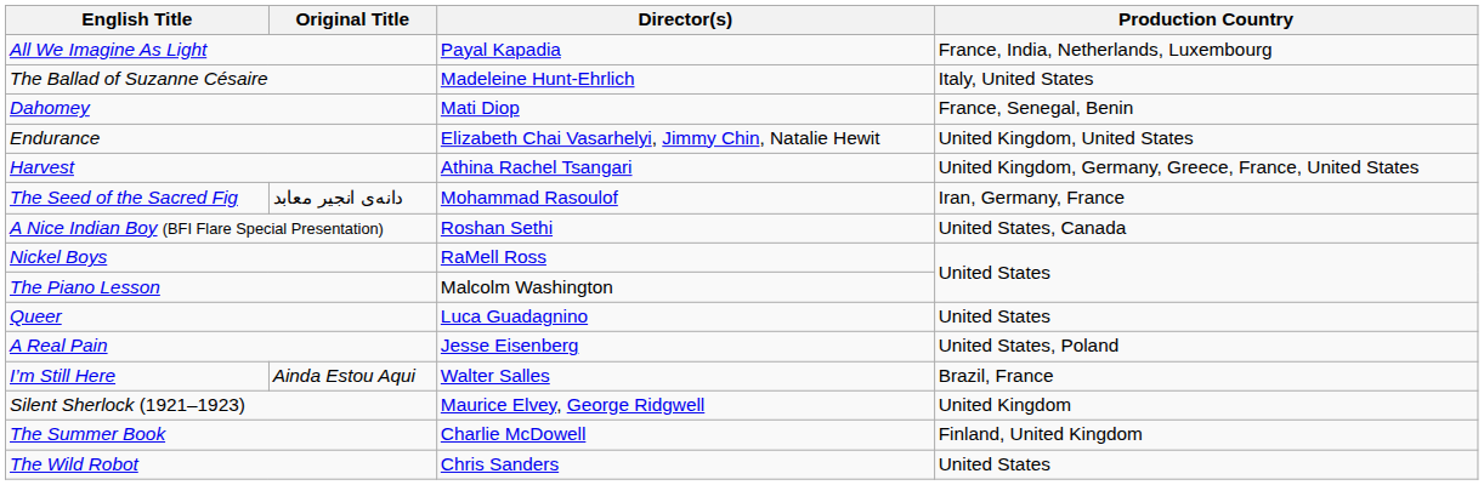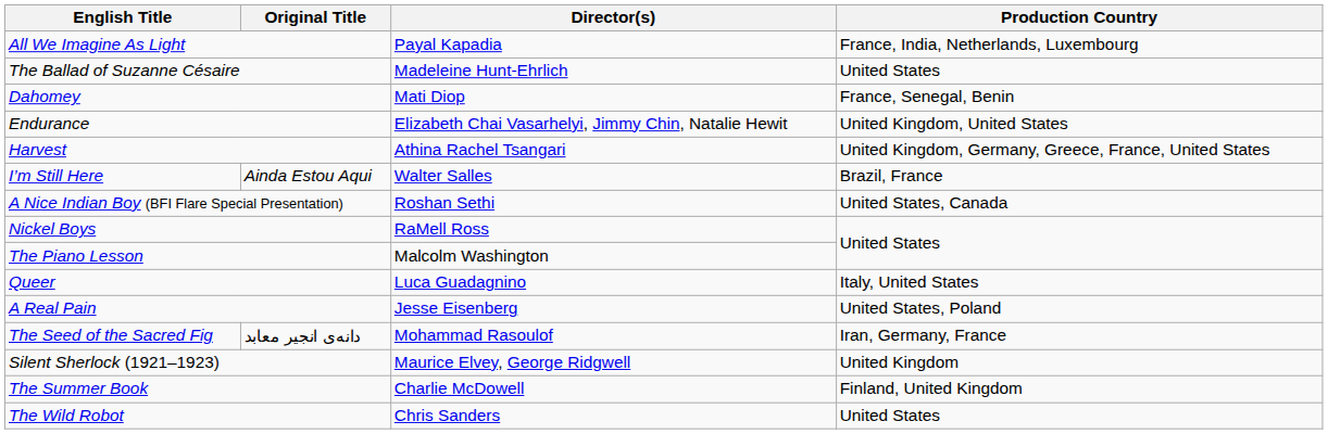 <table class="wikitable" style="width:100%; margin-bottom:4px">
 <tr>
 <th>English Title</th>
 <th>Original Title</th>
 <th>Director(s)</th>
 <th>Production Country</th>
 </tr>
 <tr>
 <td colspan="2"><em><a href='#'>All We Imagine As Light</a></em></td>
 <td><a href='#'>Payal Kapadia</a></td>
 <td>France, India, Netherlands, Luxembourg</td>
 </tr>
 <tr>
 <td colspan="2"><em>The Ballad of Suzanne Césaire</em></td>
 <td><a href='#'>Madeleine Hunt-Ehrlich</a></td>
-<td>Italy, United States</td>
+<td>United States</td>
 </tr>
 <tr>
 <td colspan="2"><em><a href='#'>Dahomey</a></em></td>
 <td><a href='#'>Mati Diop</a></td>
 <td>France, Senegal, Benin</td>
 </tr>
 <tr>
 <td colspan="2"><em>Endurance</em></td>
 <td><a href='#'>Elizabeth Chai Vasarhelyi</a>, <a href='#'>Jimmy Chin</a>, Natalie Hewit</td>
 <td>United Kingdom, United States</td>
 </tr>
 <tr>
 <td colspan="2"><em><a href='#'>Harvest</a></em></td>
 <td><a href='#'>Athina Rachel Tsangari</a></td>
 <td>United Kingdom, Germany, Greece, France, United States</td>
 </tr>
 <tr>
-<td><em><a href='#'>The Seed of the Sacred Fig</a></em></td>
-<td>دانه‌ی انجیر معابد</td>
-<td><a href='#'>Mohammad Rasoulof</a></td>
-<td>Iran, Germany, France</td>
+<td><em><a href='#'>I’m Still Here</a></em></td>
+<td><em>Ainda Estou Aqui</em></td>
+<td><a href='#'>Walter Salles</a></td>
+<td>Brazil, France</td>
 </tr>
 <tr>
 <td colspan="2"><em><a href='#'>A Nice Indian Boy</a></em> <small>(BFI Flare Special Presentation)</small></td>
 <td><a href='#'>Roshan Sethi</a></td>
 <td>United States, Canada</td>
 </tr>
 <tr>
 <td colspan="2"><em><a href='#'>Nickel Boys</a></em></td>
 <td><a href='#'>RaMell Ross</a></td>
 <td rowspan="2">United States</td>
 </tr>
 <tr>
 <td colspan="2"><em><a href='#'>The Piano Lesson</a></em></td>
 <td>Malcolm Washington</td>
 </tr>
 <tr>
 <td colspan="2"><em><a href='#'>Queer</a></em></td>
 <td><a href='#'>Luca Guadagnino</a></td>
-<td>United States</td>
+<td>Italy, United States</td>
 </tr>
 <tr>
 <td colspan="2"><em><a href='#'>A Real Pain</a></em></td>
 <td><a href='#'>Jesse Eisenberg</a></td>
 <td>United States, Poland</td>
 </tr>
 <tr>
-<td><em><a href='#'>I’m Still Here</a></em></td>
-<td><em>Ainda Estou Aqui</em></td>
-<td><a href='#'>Walter Salles</a></td>
-<td>Brazil, France</td>
+<td><em><a href='#'>The Seed of the Sacred Fig</a></em></td>
+<td>دانه‌ی انجیر معابد</td>
+<td><a href='#'>Mohammad Rasoulof</a></td>
+<td>Iran, Germany, France</td>
 </tr>
 <tr>
 <td colspan="2"><em>Silent Sherlock</em> (1921–1923)</td>
 <td><a href='#'>Maurice Elvey</a>, <a href='#'>George Ridgwell</a></td>
 <td>United Kingdom</td>
 </tr>
 <tr>
 <td colspan="2"><em><a href='#'>The Summer Book</a></em></td>
 <td><a href='#'>Charlie McDowell</a></td>
 <td>Finland, United Kingdom</td>
 </tr>
 <tr>
 <td colspan="2"><em><a href='#'>The Wild Robot</a></em></td>
 <td><a href='#'>Chris Sanders</a></td>
 <td>United States</td>
 </tr>
 </table>
